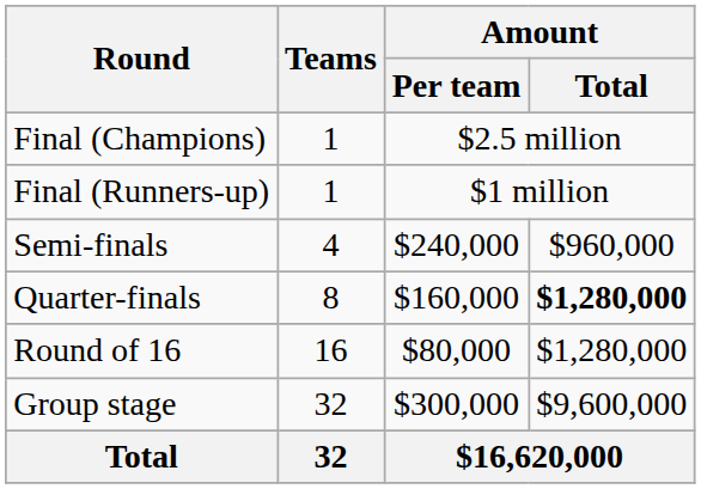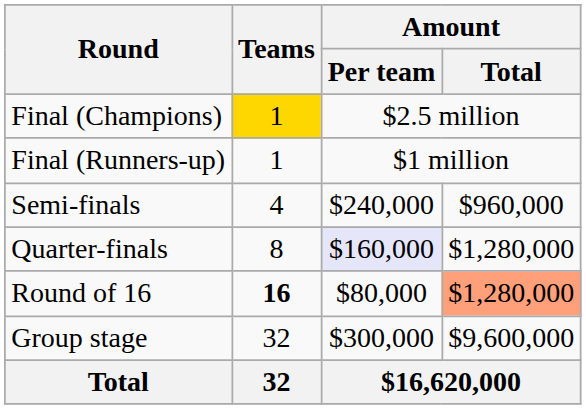 <table class="wikitable sortable" style="text-align:center;">
 <tr>
 <th rowspan="2">Round</th>
 <th rowspan="2">Teams</th>
 <th colspan="2">Amount</th>
 </tr>
 <tr>
 <th>Per team</th>
 <th>Total</th>
 </tr>
 <tr>
 <td style="text-align:left;">Final (Champions)</td>
-<td>1</td>
+<td style="background: gold;">1</td>
 <td colspan="2">$2.5 million</td>
 </tr>
 <tr>
 <td style="text-align:left;">Final (Runners-up)</td>
 <td>1</td>
 <td colspan="2">$1 million</td>
 </tr>
 <tr>
 <td style="text-align:left;">Semi-finals</td>
 <td>4</td>
 <td>$240,000</td>
 <td>$960,000</td>
 </tr>
 <tr>
 <td style="text-align:left;">Quarter-finals</td>
 <td>8</td>
-<td>$160,000</td>
-<td><strong>$1,280,000</strong></td>
+<td style="background: lavender;">$160,000</td>
+<td>$1,280,000</td>
 </tr>
 <tr>
 <td style="text-align:left;">Round of 16</td>
-<td>16</td>
+<td><strong>16</strong></td>
 <td>$80,000</td>
-<td>$1,280,000</td>
+<td style="background: lightsalmon;">$1,280,000</td>
 </tr>
 <tr>
 <td style="text-align:left;">Group stage</td>
 <td>32</td>
 <td>$300,000</td>
 <td>$9,600,000</td>
 </tr>
 <tr>
 <th>Total</th>
 <th>32</th>
 <th colspan="2">$16,620,000</th>
 </tr>
 </table>
